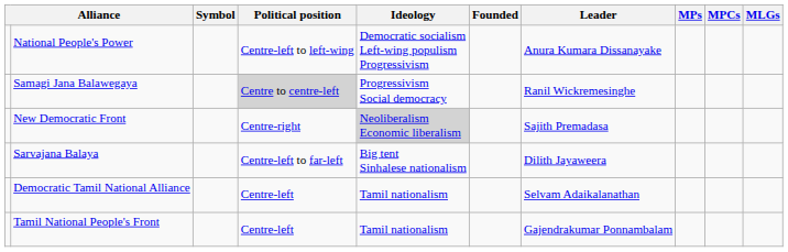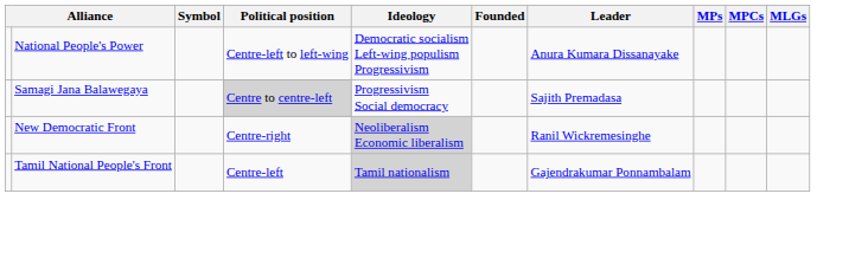 <table class="wikitable plainrowheaders sortable" style="font-size:90%; text-align:left;">
 <tr>
 <th colspan=2>Alliance</th>
 <th>Symbol</th>
 <th>Political position</th>
 <th>Ideology</th>
 <th>Founded</th>
 <th>Leader</th>
 <th><a href='#'>MPs</a></th>
 <th><a href='#'>MPCs</a></th>
 <th><a href='#'>MLGs</a></th>
 </tr>
 <tr>
 <td style="background:"></td>
 <td><a href='#'>National People's Power</a> <br>  <br> </td>
 <td></td>
 <td><a href='#'>Centre-left</a> to <a href='#'>left-wing</a></td>
 <td><a href='#'>Democratic socialism</a><br><a href='#'>Left-wing populism</a><br><a href='#'>Progressivism</a></td>
 <td align="left"></td>
 <td><a href='#'>Anura Kumara Dissanayake</a></td>
 <td></td>
 <td></td>
 <td></td>
 </tr>
 <tr>
 <td style="background:"></td>
 <td><a href='#'>Samagi Jana Balawegaya</a> <br>  <br> </td>
 <td></td>
 <td style="background: lightgrey;"><a href='#'>Centre</a> to <a href='#'>centre-left</a></td>
 <td><a href='#'>Progressivism</a><br><a href='#'>Social democracy</a></td>
 <td align="left"></td>
-<td><a href='#'>Ranil Wickremesinghe</a></td>
+<td><a href='#'>Sajith Premadasa</a></td>
 <td></td>
 <td></td>
 <td></td>
 </tr>
 <tr>
 <td style="background:"></td>
 <td><a href='#'>New Democratic Front</a> <br>  <br> </td>
 <td></td>
 <td><a href='#'>Centre-right</a></td>
 <td style="background: lightgrey;"><a href='#'>Neoliberalism</a><br><a href='#'>Economic liberalism</a></td>
 <td align="left"></td>
-<td><a href='#'>Sajith Premadasa</a></td>
-<td></td>
-<td></td>
-<td></td>
-</tr>
-<tr>
-<td></td>
-<td><a href='#'>Sarvajana Balaya</a><br>  <br> </td>
-<td></td>
-<td><a href='#'>Centre-left</a> to <a href='#'>far-left</a></td>
-<td><a href='#'>Big tent</a><br><a href='#'>Sinhalese nationalism</a></td>
-<td align="left"></td>
-<td><a href='#'>Dilith Jayaweera</a></td>
-<td></td>
-<td></td>
-<td></td>
-</tr>
-<tr>
-<td style="background:"></td>
-<td><a href='#'>Democratic Tamil National Alliance</a> <br>  <br> </td>
-<td></td>
-<td><a href='#'>Centre-left</a></td>
-<td><a href='#'>Tamil nationalism</a></td>
-<td align="left"></td>
-<td><a href='#'>Selvam Adaikalanathan</a></td>
+<td><a href='#'>Ranil Wickremesinghe</a></td>
 <td></td>
 <td></td>
 <td></td>
 </tr>
 <tr>
 <td style="background:"></td>
 <td><a href='#'>Tamil National People's Front</a> <br>  <br> </td>
 <td></td>
 <td><a href='#'>Centre-left</a></td>
-<td><a href='#'>Tamil nationalism</a></td>
+<td style="background: lightgrey;"><a href='#'>Tamil nationalism</a></td>
 <td align="left"></td>
 <td><a href='#'>Gajendrakumar Ponnambalam</a></td>
 <td></td>
 <td></td>
 <td></td>
 </tr>
 </table>
